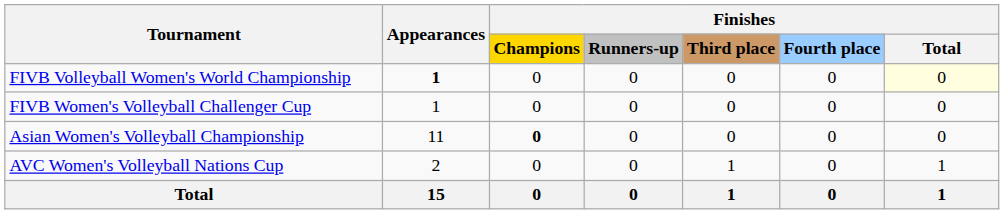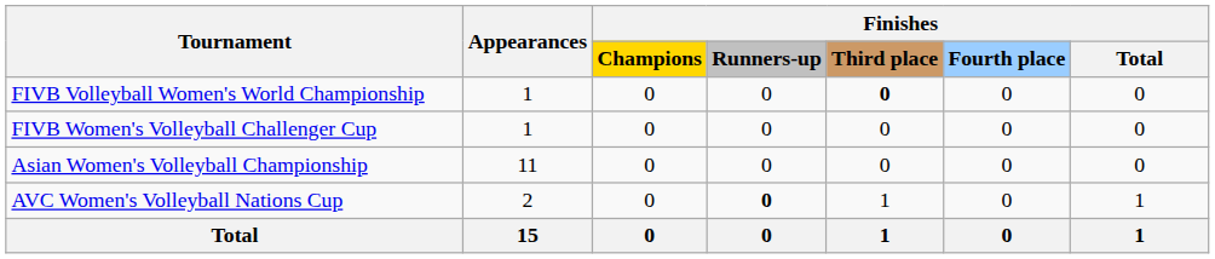 <table class="wikitable" style="text-align: center; font-size: 90%; margin-left: 1em">
 <tr>
 <th rowspan="2" width="300">Tournament</th>
 <th rowspan="2">Appearances</th>
 <th colspan="5">Finishes</th>
 </tr>
 <tr>
 <th style="background-color: gold">Champions</th>
 <th style="background-color: silver">Runners-up</th>
 <th style="background-color: #cc9966">Third place</th>
 <th style="background-color: #9acdff">Fourth place</th>
 <th style="width: 6em">Total</th>
 </tr>
 <tr>
 <td style="text-align:left"><a href='#'>FIVB Volleyball Women's World Championship</a></td>
-<td><strong>1</strong></td>
+<td>1</td>
 <td>0</td>
 <td>0</td>
+<td><strong>0</strong></td>
 <td>0</td>
 <td>0</td>
-<td style="background: lightyellow;">0</td>
 </tr>
 <tr>
 <td style="text-align:left"><a href='#'>FIVB Women's Volleyball Challenger Cup</a></td>
 <td>1</td>
 <td>0</td>
 <td>0</td>
 <td>0</td>
 <td>0</td>
 <td>0</td>
 </tr>
 <tr>
 <td style="text-align:left"><a href='#'>Asian Women's Volleyball Championship</a></td>
 <td>11</td>
-<td><strong>0</strong></td>
+<td>0</td>
 <td>0</td>
 <td>0</td>
 <td>0</td>
 <td>0</td>
 </tr>
 <tr>
 <td style="text-align:left"><a href='#'>AVC Women's Volleyball Nations Cup</a></td>
 <td>2</td>
 <td>0</td>
-<td>0</td>
+<td><strong>0</strong></td>
 <td>1</td>
 <td>0</td>
 <td>1</td>
 </tr>
 <tr>
 <th>Total</th>
 <th>15</th>
 <th>0</th>
 <th>0</th>
 <th>1</th>
 <th>0</th>
 <th>1</th>
 </tr>
 </table>
